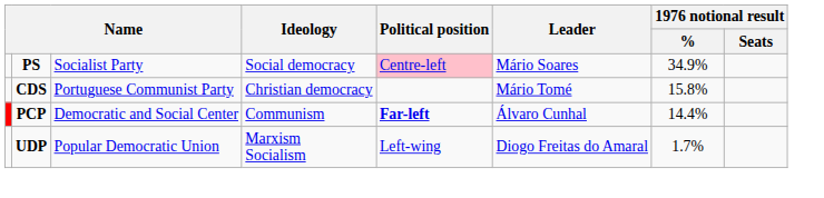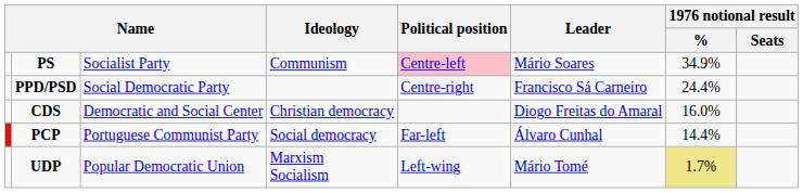 <table class="wikitable">
 <tr>
 <th rowspan="2" colspan="3">Name</th>
 <th rowspan="2">Ideology</th>
 <th rowspan="2">Political position</th>
 <th rowspan="2">Leader</th>
 <th colspan="2">1976 notional result</th>
 </tr>
 <tr>
 <th>%</th>
 <th>Seats</th>
 </tr>
 <tr>
 <td style="background:"></td>
 <td style="text-align:center;"><strong>PS</strong></td>
 <td><a href='#'>Socialist Party</a><br></td>
-<td><a href='#'>Social democracy</a></td>
+<td><a href='#'>Communism</a></td>
 <td style="background: pink;"><a href='#'>Centre-left</a></td>
 <td><a href='#'>Mário Soares</a></td>
 <td style="text-align:center;">34.9%</td>
 <td></td>
 </tr>
 <tr>
 <td style="background:"></td>
+<td style="text-align:center;"><strong>PPD/PSD</strong></td>
+<td><a href='#'>Social Democratic Party</a><br></td>
+<td></td>
+<td {{Nowrap><a href='#'>Centre-right</a></td>
+<td><a href='#'>Francisco Sá Carneiro</a></td>
+<td style="text-align:center;">24.4%</td>
+<td></td>
+</tr>
+<tr>
+<td style="background:"></td>
 <td style="text-align:center;"><strong>CDS</strong></td>
-<td><a href='#'>Portuguese Communist Party</a><br></td>
+<td><a href='#'>Democratic and Social Center</a><br></td>
 <td><a href='#'>Christian democracy</a></td>
 <td></td>
-<td><a href='#'>Mário Tomé</a></td>
-<td style="text-align:center;">15.8%</td>
+<td><a href='#'>Diogo Freitas do Amaral</a></td>
+<td style="text-align:center;">16.0%</td>
 <td></td>
 </tr>
 <tr>
 <td style="background:#f00;"></td>
 <td style="text-align:center;"><strong>PCP</strong></td>
-<td><a href='#'>Democratic and Social Center</a><br></td>
-<td><a href='#'>Communism</a></td>
-<td><strong><a href='#'>Far-left</a></strong></td>
+<td><a href='#'>Portuguese Communist Party</a><br></td>
+<td><a href='#'>Social democracy</a></td>
+<td><a href='#'>Far-left</a></td>
 <td><a href='#'>Álvaro Cunhal</a></td>
 <td style="text-align:center;">14.4%</td>
 <td></td>
 </tr>
 <tr>
 <td style="background:"></td>
 <td style="text-align:center;"><strong>UDP</strong></td>
 <td><a href='#'>Popular Democratic Union</a><br></td>
 <td><a href='#'>Marxism</a><br><a href='#'>Socialism</a></td>
 <td><a href='#'>Left-wing</a></td>
-<td><a href='#'>Diogo Freitas do Amaral</a></td>
-<td style="text-align:center;">1.7%</td>
+<td><a href='#'>Mário Tomé</a></td>
+<td style="background: khaki; text-align:center;">1.7%</td>
 <td></td>
 </tr>
 </table>
